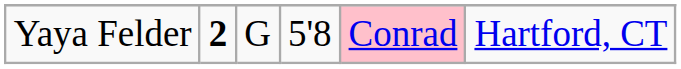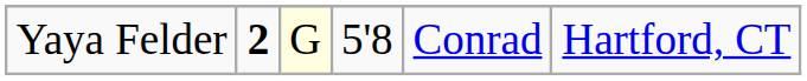 <table class="wikitable sortable" border="1">
 <tr align=center>
 </tr>
 <tr>
 <td>Yaya Felder</td>
 <td><strong>2</strong></td>
-<td>G</td>
+<td style="background: lightyellow;">G</td>
 <td>5'8</td>
-<td style="background: pink;"><a href='#'>Conrad</a></td>
+<td><a href='#'>Conrad</a></td>
 <td><a href='#'>Hartford, CT</a></td>
 </tr>
 </table>
